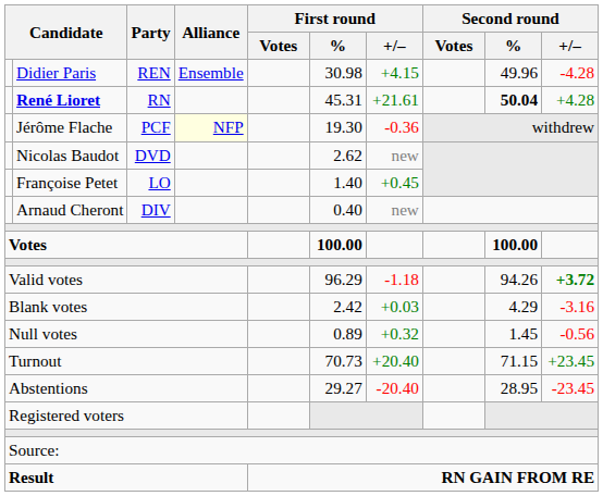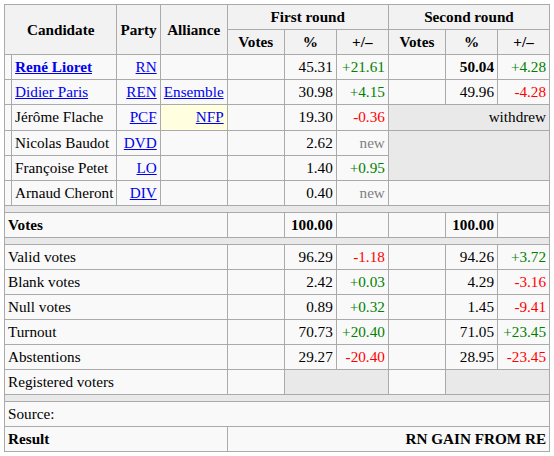 <table class="wikitable" style="text-align:right;font-size:95%;">
 <tr>
 <th rowspan="2" colspan="2">Candidate</th>
 <th colspan="1" rowspan="2">Party</th>
 <th colspan="1" rowspan="2">Alliance</th>
 <th colspan="3">First round</th>
 <th colspan="3">Second round</th>
 </tr>
 <tr>
 <th style="width:50px;">Votes</th>
 <th style="width:45px;">%</th>
 <th style="width:45px;">+/–</th>
 <th style="width:50px;">Votes</th>
 <th style="width:45px;">%</th>
 <th style="width:45px;">+/–</th>
 </tr>
 <tr>
 <td style="color:inherit;background:"></td>
+<td style="text-align:left;"><strong><a href='#'>René Lioret</a></strong></td>
+<td><a href='#'>RN</a></td>
+<td></td>
+<td></td>
+<td>45.31</td>
+<td style="color:green;">+21.61</td>
+<td><strong></strong></td>
+<td><strong>50.04</strong></td>
+<td style="color:green;">+4.28</td>
+</tr>
+<tr>
+<td style="color:inherit;background:"></td>
 <td style="text-align:left;"><a href='#'>Didier Paris</a></td>
 <td><a href='#'>REN</a></td>
 <td><a href='#'>Ensemble</a></td>
 <td></td>
 <td>30.98</td>
 <td style="color:green;">+4.15</td>
 <td></td>
 <td>49.96</td>
 <td style="color:red;">-4.28</td>
-</tr>
-<tr>
-<td style="color:inherit;background:"></td>
-<td style="text-align:left;"><strong><a href='#'>René Lioret</a></strong></td>
-<td><a href='#'>RN</a></td>
-<td></td>
-<td></td>
-<td>45.31</td>
-<td style="color:green;">+21.61</td>
-<td><strong></strong></td>
-<td><strong>50.04</strong></td>
-<td style="color:green;">+4.28</td>
 </tr>
 <tr>
 <td style="color:inherit;background:"></td>
 <td style="text-align:left;">Jérôme Flache</td>
 <td><a href='#'>PCF</a></td>
 <td style="background: lightyellow;"><a href='#'>NFP</a></td>
 <td></td>
 <td>19.30</td>
 <td style="color:red;">-0.36</td>
 <td colspan="3" style="background:#E9E9E9;">withdrew</td>
 </tr>
 <tr>
 <td style="color:inherit;background:"></td>
 <td style="text-align:left;">Nicolas Baudot</td>
 <td><a href='#'>DVD</a></td>
 <td></td>
 <td></td>
 <td>2.62</td>
 <td style="color:grey;">new</td>
 <td colspan="3" rowspan="2" style="background:#E9E9E9;"></td>
 </tr>
 <tr>
 <td style="color:inherit;background:"></td>
 <td style="text-align:left;">Françoise Petet</td>
 <td><a href='#'>LO</a></td>
 <td></td>
 <td></td>
 <td>1.40</td>
-<td style="color:green;">+0.45</td>
+<td style="color:green;">+0.95</td>
 </tr>
 <tr>
 <td style="color:inherit;background:"></td>
 <td style="text-align:left;">Arnaud Cheront</td>
 <td><a href='#'>DIV</a></td>
 <td></td>
 <td></td>
 <td>0.40</td>
 <td style="color:grey;">new</td>
 </tr>
 <tr>
 <td colspan="10" style="background:#E9E9E9;"></td>
 </tr>
 <tr style="font-weight:bold;">
 <td colspan="4" style="text-align:left;">Votes</td>
 <td></td>
 <td>100.00</td>
 <td></td>
 <td></td>
 <td>100.00</td>
 <td></td>
 </tr>
 <tr>
 <td colspan="10" style="background:#E9E9E9;"></td>
 </tr>
 <tr>
 <td colspan="4" style="text-align:left;">Valid votes</td>
 <td></td>
 <td>96.29</td>
 <td style="color:red;">-1.18</td>
 <td></td>
 <td>94.26</td>
-<td style="color:green;"><strong>+3.72</strong></td>
+<td style="color:green;">+3.72</td>
 </tr>
 <tr>
 <td colspan="4" style="text-align:left;">Blank votes</td>
 <td></td>
 <td>2.42</td>
 <td style="color:green;">+0.03</td>
 <td></td>
 <td>4.29</td>
 <td style="color:red;">-3.16</td>
 </tr>
 <tr>
 <td colspan="4" style="text-align:left;">Null votes</td>
 <td></td>
 <td>0.89</td>
 <td style="color:green;">+0.32</td>
 <td></td>
 <td>1.45</td>
-<td style="color:red;">-0.56</td>
+<td style="color:red;">-9.41</td>
 </tr>
 <tr>
 <td colspan="4" style="text-align:left;">Turnout</td>
 <td></td>
 <td>70.73</td>
 <td style="color:green;">+20.40</td>
 <td></td>
-<td>71.15</td>
+<td>71.05</td>
 <td style="color:green;">+23.45</td>
 </tr>
 <tr>
 <td colspan="4" style="text-align:left;">Abstentions</td>
 <td></td>
 <td>29.27</td>
 <td style="color:red;">-20.40</td>
 <td></td>
 <td>28.95</td>
 <td style="color:red;">-23.45</td>
 </tr>
 <tr>
 <td colspan="4" style="text-align:left;">Registered voters</td>
 <td></td>
 <td colspan="2" style="background:#E9E9E9;"></td>
 <td></td>
 <td colspan="2" style="background:#E9E9E9;"></td>
 </tr>
 <tr>
 <td colspan="10" style="background:#E9E9E9;"></td>
 </tr>
 <tr>
 <td colspan="10" style="text-align:left;">Source: </td>
 </tr>
 <tr style="font-weight:bold">
 <td colspan="4" style="text-align:left;">Result</td>
 <td colspan="6" style="background-color:">RN GAIN FROM RE</td>
 </tr>
 </table>
